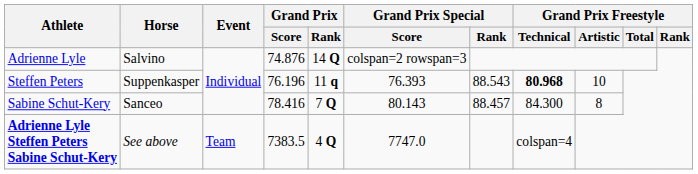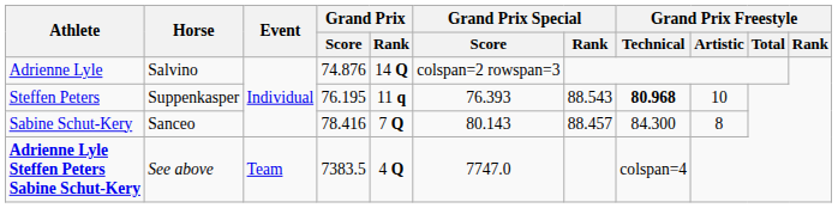 <table class=wikitable style=font-size:90%;text-align:center>
 <tr>
 <th rowspan=2>Athlete</th>
 <th rowspan=2>Horse</th>
 <th rowspan=2>Event</th>
 <th colspan=2>Grand Prix</th>
 <th colspan=2>Grand Prix Special</th>
 <th colspan=4>Grand Prix Freestyle</th>
 </tr>
 <tr style=font-size:95%>
 <th>Score</th>
 <th>Rank</th>
 <th>Score</th>
 <th>Rank</th>
 <th>Technical</th>
 <th>Artistic</th>
 <th>Total</th>
 <th>Rank</th>
 </tr>
 <tr>
 <td align=left><a href='#'>Adrienne Lyle</a></td>
 <td align=left>Salvino</td>
 <td rowspan=3 align=left><a href='#'>Individual</a></td>
 <td>74.876</td>
 <td>14 <strong>Q</strong></td>
 <td>colspan=2 rowspan=3 </td>
 <td colspan=4></td>
 </tr>
 <tr>
 <td align=left><a href='#'>Steffen Peters</a></td>
 <td align=left>Suppenkasper</td>
-<td>76.196</td>
+<td>76.195</td>
 <td>11 <strong>q</strong></td>
 <td>76.393</td>
 <td>88.543</td>
 <td><strong>80.968</strong></td>
 <td>10</td>
 </tr>
 <tr>
 <td align=left><a href='#'>Sabine Schut-Kery</a></td>
 <td align=left>Sanceo</td>
 <td>78.416</td>
 <td>7 <strong>Q</strong></td>
 <td>80.143</td>
 <td>88.457</td>
 <td>84.300</td>
 <td>8</td>
 </tr>
 <tr>
 <td align=left><strong><a href='#'>Adrienne Lyle</a><br><a href='#'>Steffen Peters</a><br><a href='#'>Sabine Schut-Kery</a></strong></td>
 <td align=left><em>See above</em></td>
 <td align=left><a href='#'>Team</a></td>
 <td>7383.5</td>
 <td>4 <strong>Q</strong></td>
 <td>7747.0</td>
 <td></td>
 <td>colspan=4 </td>
 </tr>
 </table>
